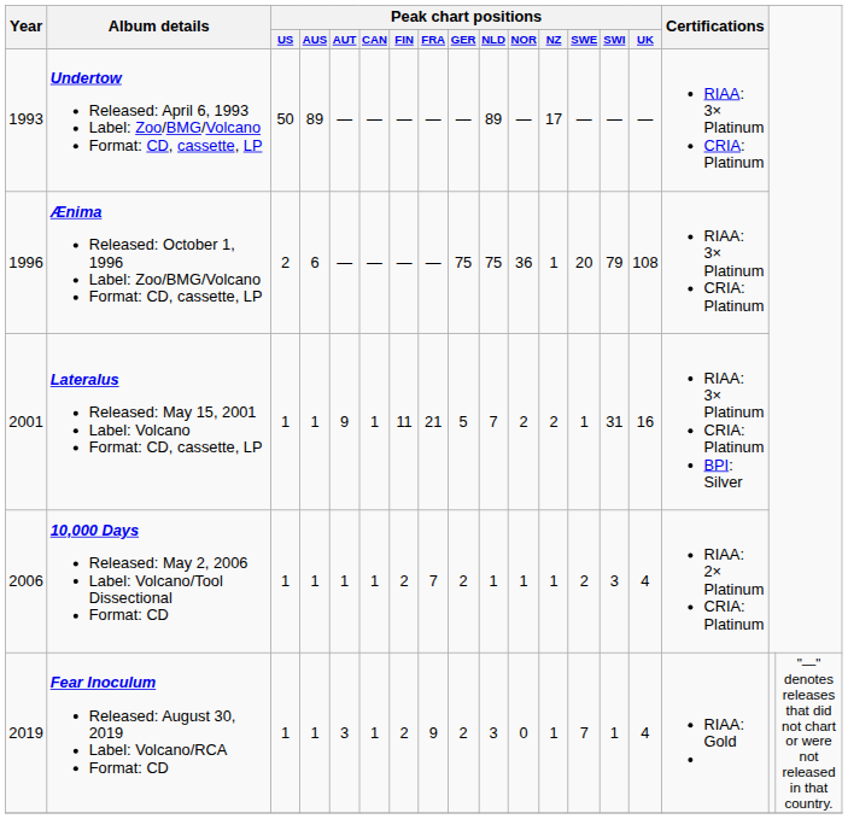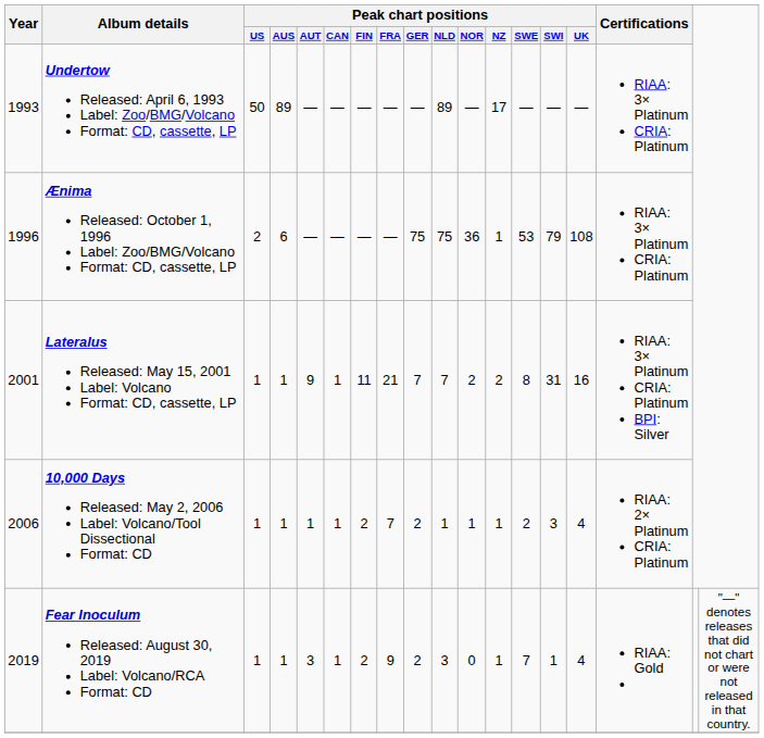 <table class="wikitable">
 <tr>
 <th rowspan="2">Year</th>
 <th rowspan="2" width="225">Album details</th>
 <th colspan="13">Peak chart positions</th>
 <th rowspan="2">Certifications</th>
 </tr>
 <tr>
 <th style="width:2em;font-size:75%"><a href='#'>US</a><br></th>
 <th style="width:2em;font-size:75%"><a href='#'>AUS</a><br></th>
 <th style="width:2em;font-size:75%"><a href='#'>AUT</a><br></th>
 <th style="width:2em;font-size:75%"><a href='#'>CAN</a><br></th>
 <th style="width:2em;font-size:75%"><a href='#'>FIN</a><br></th>
 <th style="width:2em;font-size:75%"><a href='#'>FRA</a><br></th>
 <th style="width:2em;font-size:75%"><a href='#'>GER</a><br></th>
 <th style="width:2em;font-size:75%"><a href='#'>NLD</a><br></th>
 <th style="width:2em;font-size:75%"><a href='#'>NOR</a><br></th>
 <th style="width:2em;font-size:75%"><a href='#'>NZ</a><br></th>
 <th style="width:2em;font-size:75%"><a href='#'>SWE</a><br></th>
 <th style="width:2em;font-size:75%"><a href='#'>SWI</a><br></th>
 <th style="width:2em;font-size:75%"><a href='#'>UK</a><br></th>
 </tr>
 <tr>
 <td>1993</td>
 <td><strong><em><a href='#'>Undertow</a></em></strong><br><ul><li>Released: April 6, 1993</li><li>Label: <a href='#'>Zoo</a>/<a href='#'>BMG</a>/<a href='#'>Volcano</a></li><li>Format: <a href='#'>CD</a>, <a href='#'>cassette</a>, <a href='#'>LP</a></li></ul></td>
 <td align="center">50</td>
 <td align="center">89</td>
 <td align="center">—</td>
 <td align="center">—</td>
 <td align="center">—</td>
 <td align="center">—</td>
 <td align="center">—</td>
 <td align="center">89</td>
 <td align="center">—</td>
 <td align="center">17</td>
 <td align="center">—</td>
 <td align="center">—</td>
 <td align="center">—</td>
 <td><br><ul><li><a href='#'>RIAA</a>: 3× Platinum</li><li><a href='#'>CRIA</a>: Platinum</li></ul></td>
 </tr>
 <tr>
 <td>1996</td>
 <td align="left"><strong><em><a href='#'>Ænima</a></em></strong><br><ul><li>Released: October 1, 1996</li><li>Label: Zoo/BMG/Volcano</li><li>Format: CD, cassette, LP</li></ul></td>
 <td align="center">2</td>
 <td align="center">6</td>
 <td align="center">—</td>
 <td align="center">—</td>
 <td align="center">—</td>
 <td align="center">—</td>
 <td align="center">75</td>
 <td align="center">75</td>
 <td align="center">36</td>
 <td align="center">1</td>
-<td align="center">20</td>
+<td align="center">53</td>
 <td align="center">79</td>
 <td align="center">108</td>
 <td><br><ul><li>RIAA: 3× Platinum</li><li>CRIA: Platinum</li></ul></td>
 </tr>
 <tr>
 <td>2001</td>
 <td><strong><em><a href='#'>Lateralus</a></em></strong><br><ul><li>Released: May 15, 2001</li><li>Label: Volcano</li><li>Format: CD, cassette, LP</li></ul></td>
 <td align="center">1</td>
 <td align="center">1</td>
 <td align="center">9</td>
 <td align="center">1</td>
 <td align="center">11</td>
 <td align="center">21</td>
-<td align="center">5</td>
+<td align="center">7</td>
 <td align="center">7</td>
 <td align="center">2</td>
 <td align="center">2</td>
-<td align="center">1</td>
+<td align="center">8</td>
 <td align="center">31</td>
 <td align="center">16</td>
 <td><br><ul><li>RIAA: 3× Platinum</li><li>CRIA: Platinum</li><li><a href='#'>BPI</a>: Silver</li></ul></td>
 </tr>
 <tr>
 <td>2006</td>
 <td><strong><em><a href='#'>10,000 Days</a></em></strong><br><ul><li>Released: May 2, 2006</li><li>Label: Volcano/Tool Dissectional</li><li>Format: CD</li></ul></td>
 <td align="center">1</td>
 <td align="center">1</td>
 <td align="center">1</td>
 <td align="center">1</td>
 <td align="center">2</td>
 <td align="center">7</td>
 <td align="center">2</td>
 <td align="center">1</td>
 <td align="center">1</td>
 <td align="center">1</td>
 <td align="center">2</td>
 <td align="center">3</td>
 <td align="center">4</td>
 <td><br><ul><li>RIAA: 2× Platinum</li><li>CRIA: Platinum</li></ul></td>
 </tr>
 <tr>
 <td>2019</td>
 <td><strong><em><a href='#'>Fear Inoculum</a></em></strong><br><ul><li>Released: August 30, 2019</li><li>Label: Volcano/RCA</li><li>Format: CD</li></ul></td>
 <td align="center">1</td>
 <td align="center">1</td>
 <td align="center">3</td>
 <td align="center">1</td>
 <td align="center">2</td>
 <td align="center">9</td>
 <td align="center">2</td>
 <td align="center">3</td>
 <td align="center">0</td>
 <td align="center">1</td>
 <td align="center">7</td>
 <td align="center">1</td>
 <td align="center">4</td>
 <td><br><ul><li>RIAA: Gold </li><li></li></ul></td>
 <td></td>
 <td colspan="16" align="center" style="font-size:90%">"—" denotes releases that did not chart or were not released in that country.</td>
 </tr>
 <tr>
 </tr>
 </table>
